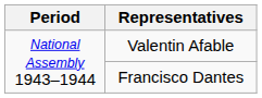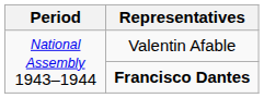 <table class="wikitable" style="text-align:center; width:40%;">
 <tr>
 <th width="40%">Period</th>
 <th>Representatives</th>
 </tr>
 <tr>
 <td rowspan="2"><small><a href='#'><em>National Assembly</em></a></small><br>1943–1944</td>
 <td>Valentin Afable</td>
 </tr>
 <tr>
-<td>Francisco Dantes</td>
+<td><strong>Francisco Dantes</strong></td>
 </tr>
 </table>
